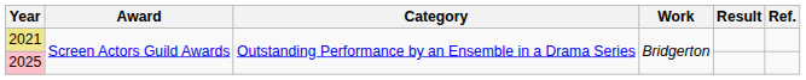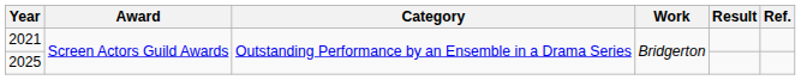 <table class="wikitable">
 <tr>
 <th>Year</th>
 <th>Award</th>
 <th>Category</th>
 <th>Work</th>
 <th>Result</th>
 <th>Ref.</th>
 </tr>
 <tr>
-<td style="background: khaki;">2021</td>
+<td>2021</td>
 <td rowspan=2><a href='#'>Screen Actors Guild Awards</a></td>
 <td rowspan=2><a href='#'>Outstanding Performance by an Ensemble in a Drama Series</a></td>
 <td rowspan=2><em>Bridgerton</em></td>
 <td></td>
 <td></td>
 </tr>
 <tr>
-<td style="background: pink;">2025</td>
+<td>2025</td>
 <td></td>
 <td></td>
 </tr>
 </table>
